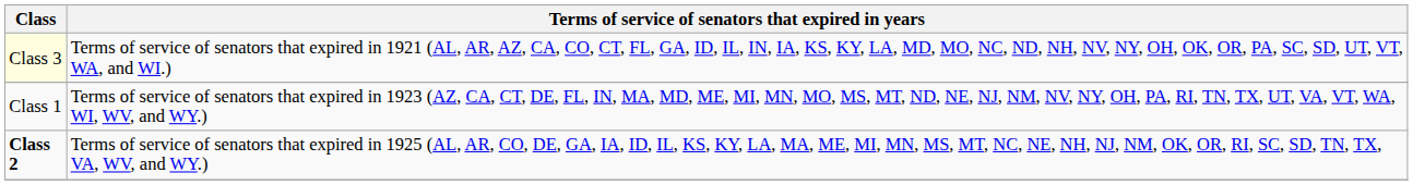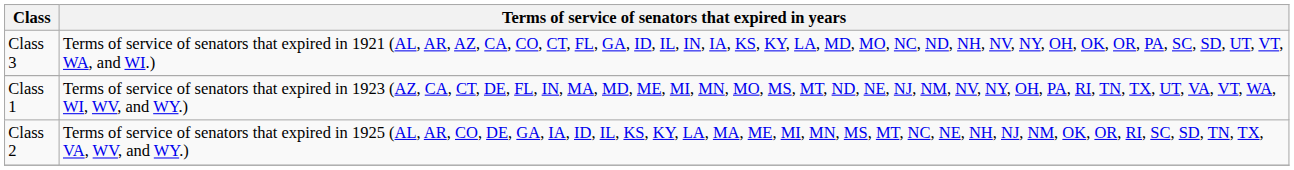 <table class="wikitable sortable">
 <tr valign=bottom>
 <th>Class</th>
 <th>Terms of service of senators that expired in years</th>
 </tr>
 <tr>
-<td style="background: lightyellow;">Class 3</td>
+<td>Class 3</td>
 <td>Terms of service of senators that expired in 1921 (<a href='#'>AL</a>, <a href='#'>AR</a>, <a href='#'>AZ</a>, <a href='#'>CA</a>, <a href='#'>CO</a>, <a href='#'>CT</a>, <a href='#'>FL</a>, <a href='#'>GA</a>, <a href='#'>ID</a>, <a href='#'>IL</a>, <a href='#'>IN</a>, <a href='#'>IA</a>, <a href='#'>KS</a>, <a href='#'>KY</a>, <a href='#'>LA</a>, <a href='#'>MD</a>, <a href='#'>MO</a>, <a href='#'>NC</a>, <a href='#'>ND</a>, <a href='#'>NH</a>, <a href='#'>NV</a>, <a href='#'>NY</a>, <a href='#'>OH</a>, <a href='#'>OK</a>, <a href='#'>OR</a>, <a href='#'>PA</a>, <a href='#'>SC</a>, <a href='#'>SD</a>, <a href='#'>UT</a>, <a href='#'>VT</a>, <a href='#'>WA</a>, and <a href='#'>WI</a>.)</td>
 </tr>
 <tr>
 </tr>
 <tr>
 <td>Class 1</td>
 <td>Terms of service of senators that expired in 1923 (<a href='#'>AZ</a>, <a href='#'>CA</a>, <a href='#'>CT</a>, <a href='#'>DE</a>, <a href='#'>FL</a>, <a href='#'>IN</a>, <a href='#'>MA</a>, <a href='#'>MD</a>, <a href='#'>ME</a>,  <a href='#'>MI</a>, <a href='#'>MN</a>, <a href='#'>MO</a>, <a href='#'>MS</a>, <a href='#'>MT</a>, <a href='#'>ND</a>, <a href='#'>NE</a>, <a href='#'>NJ</a>, <a href='#'>NM</a>, <a href='#'>NV</a>, <a href='#'>NY</a>, <a href='#'>OH</a>, <a href='#'>PA</a>, <a href='#'>RI</a>, <a href='#'>TN</a>, <a href='#'>TX</a>, <a href='#'>UT</a>, <a href='#'>VA</a>, <a href='#'>VT</a>, <a href='#'>WA</a>, <a href='#'>WI</a>, <a href='#'>WV</a>, and <a href='#'>WY</a>.)</td>
 </tr>
 <tr>
-<td><strong>Class 2</strong></td>
+<td>Class 2</td>
 <td>Terms of service of senators that expired in 1925 (<a href='#'>AL</a>, <a href='#'>AR</a>, <a href='#'>CO</a>, <a href='#'>DE</a>, <a href='#'>GA</a>, <a href='#'>IA</a>, <a href='#'>ID</a>, <a href='#'>IL</a>, <a href='#'>KS</a>, <a href='#'>KY</a>, <a href='#'>LA</a>, <a href='#'>MA</a>, <a href='#'>ME</a>, <a href='#'>MI</a>, <a href='#'>MN</a>, <a href='#'>MS</a>, <a href='#'>MT</a>, <a href='#'>NC</a>, <a href='#'>NE</a>, <a href='#'>NH</a>, <a href='#'>NJ</a>, <a href='#'>NM</a>, <a href='#'>OK</a>, <a href='#'>OR</a>, <a href='#'>RI</a>, <a href='#'>SC</a>, <a href='#'>SD</a>, <a href='#'>TN</a>, <a href='#'>TX</a>, <a href='#'>VA</a>, <a href='#'>WV</a>, and <a href='#'>WY</a>.)</td>
 </tr>
 <tr>
 </tr>
 </table>
